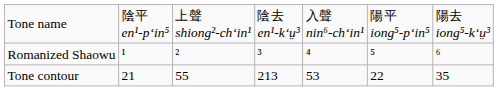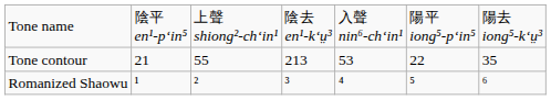 <table class="wikitable">
 <tr>
 <td>Tone name</td>
 <td>陰平<br><em>en¹-pʻin⁵</em></td>
 <td>上聲<br><em>shiong²-chʻin¹</em></td>
 <td>陰去<br><em>en¹-kʻṳ³</em></td>
 <td>入聲<br><em>nin⁶-chʻin¹</em></td>
 <td>陽平<br><em>iong⁵-pʻin⁵</em></td>
 <td>陽去<br><em>iong⁵-kʻṳ³</em></td>
 </tr>
 <tr>
+<td>Tone contour</td>
+<td>21</td>
+<td>55</td>
+<td>213</td>
+<td>53</td>
+<td>22</td>
+<td>35</td>
+</tr>
+<tr>
 <td>Romanized Shaowu</td>
 <td>¹</td>
 <td>²</td>
 <td>³</td>
 <td>⁴</td>
 <td>⁵</td>
 <td>⁶</td>
 </tr>
-<tr>
-<td>Tone contour</td>
-<td>21</td>
-<td>55</td>
-<td>213</td>
-<td>53</td>
-<td>22</td>
-<td>35</td>
-</tr>
 </table>
